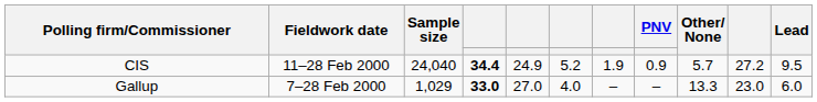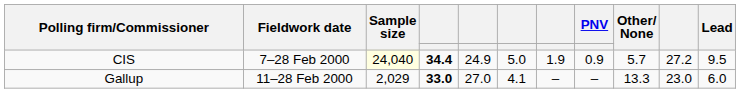 <table class="wikitable collapsible collapsed" style="text-align:center; font-size:90%; line-height:14px;">
 <tr style="height:42px;">
 <th style="width:250px;" rowspan="2">Polling firm/Commissioner</th>
 <th style="width:125px;" rowspan="2">Fieldwork date</th>
 <th style="width:50px;" rowspan="2">Sample size</th>
 <th style="width:35px;"></th>
 <th style="width:35px;"></th>
 <th style="width:35px;"></th>
 <th style="width:35px;"></th>
 <th style="width:35px;"><a href='#'>PNV</a></th>
 <th style="width:35px;" rowspan="2">Other/<br>None</th>
 <th style="width:35px;" rowspan="2"></th>
 <th style="width:30px;" rowspan="2">Lead</th>
 </tr>
 <tr>
 <th style="color:inherit;background:"></th>
 <th style="color:inherit;background:"></th>
 <th style="color:inherit;background:"></th>
 <th style="color:inherit;background:"></th>
 <th style="color:inherit;background:"></th>
 </tr>
 <tr>
 <td>CIS</td>
-<td>11–28 Feb 2000</td>
-<td>24,040</td>
+<td>7–28 Feb 2000</td>
+<td style="background: lightyellow;">24,040</td>
 <td><strong>34.4</strong></td>
 <td>24.9</td>
-<td>5.2</td>
+<td>5.0</td>
 <td>1.9</td>
 <td>0.9</td>
 <td>5.7</td>
 <td>27.2</td>
 <td style="background:">9.5</td>
 </tr>
 <tr>
 <td>Gallup</td>
-<td>7–28 Feb 2000</td>
-<td>1,029</td>
+<td>11–28 Feb 2000</td>
+<td>2,029</td>
 <td><strong>33.0</strong></td>
 <td>27.0</td>
-<td>4.0</td>
+<td>4.1</td>
 <td>–</td>
 <td>–</td>
 <td>13.3</td>
 <td>23.0</td>
 <td style="background:">6.0</td>
 </tr>
 </table>
